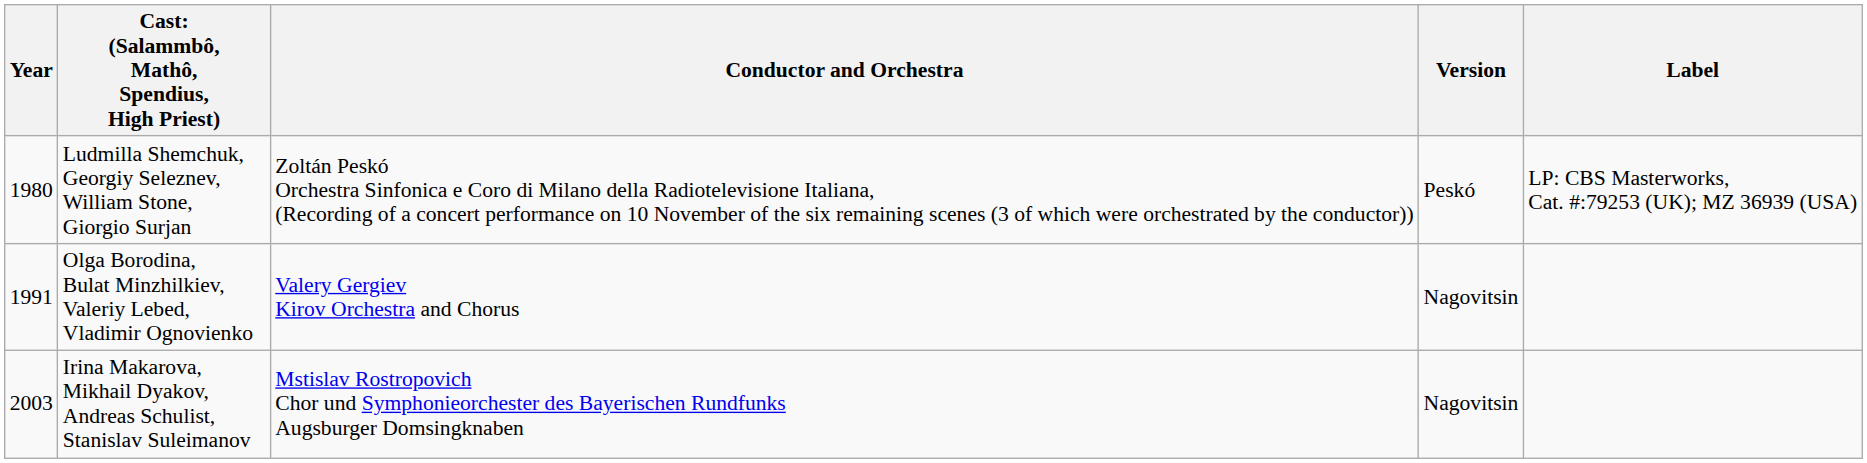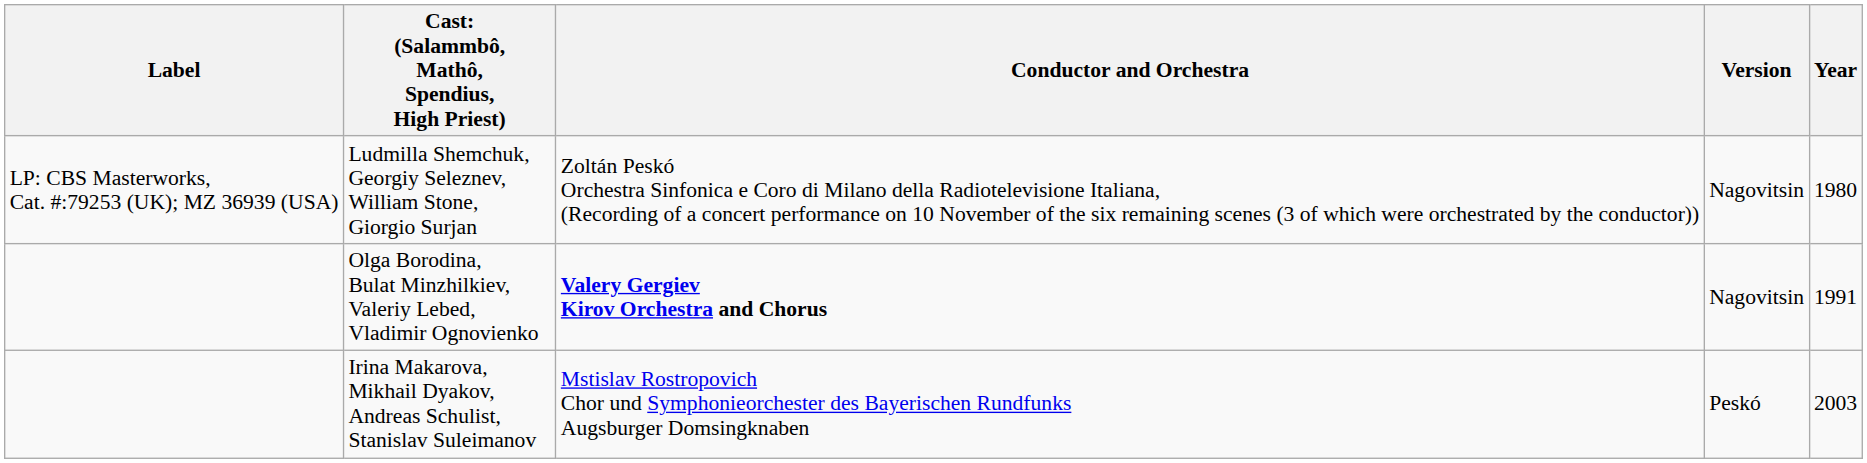 <table class="wikitable">
 <tr>
-<th>Year</th>
+<th>Label</th>
 <th Width="150">Cast:<br>(Salammbô,<br>Mathô,<br>Spendius,<br>High Priest)</th>
 <th>Conductor and Orchestra</th>
 <th>Version</th>
-<th>Label</th>
+<th>Year</th>
 </tr>
 <tr>
-<td>1980</td>
+<td>LP: CBS Masterworks,<br>Cat. #:79253 (UK); MZ 36939 (USA)</td>
 <td>Ludmilla Shemchuk,<br>Georgiy Seleznev,<br>William Stone,<br>Giorgio Surjan</td>
 <td>Zoltán Peskó<br>Orchestra Sinfonica e Coro di Milano della Radiotelevisione Italiana,<br>(Recording of a concert performance on 10 November of the six remaining scenes (3 of which were orchestrated by the conductor))</td>
-<td>Peskó</td>
-<td>LP: CBS Masterworks,<br>Cat. #:79253 (UK); MZ 36939 (USA)</td>
+<td>Nagovitsin</td>
+<td>1980</td>
 </tr>
 <tr>
+<td></td>
+<td>Olga Borodina,<br>Bulat Minzhilkiev,<br>Valeriy Lebed,<br>Vladimir Ognovienko</td>
+<td><strong><a href='#'>Valery Gergiev</a><br><a href='#'>Kirov Orchestra</a> and Chorus</strong></td>
+<td>Nagovitsin</td>
 <td>1991</td>
-<td>Olga Borodina,<br>Bulat Minzhilkiev,<br>Valeriy Lebed,<br>Vladimir Ognovienko</td>
-<td><a href='#'>Valery Gergiev</a><br><a href='#'>Kirov Orchestra</a> and Chorus</td>
-<td>Nagovitsin</td>
-<td></td>
 </tr>
 <tr>
-<td>2003</td>
+<td></td>
 <td>Irina Makarova,<br>Mikhail Dyakov,<br>Andreas Schulist,<br> Stanislav Suleimanov</td>
 <td><a href='#'>Mstislav Rostropovich</a><br>Chor und <a href='#'>Symphonieorchester des Bayerischen Rundfunks</a><br>Augsburger Domsingknaben</td>
-<td>Nagovitsin</td>
-<td></td>
+<td>Peskó</td>
+<td>2003</td>
 </tr>
 </table>
